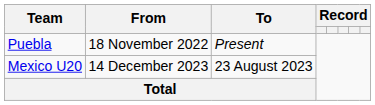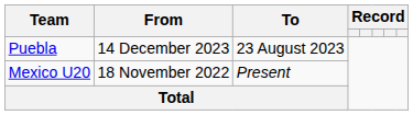 <table class="wikitable" style="text-align: center;">
 <tr>
 <th rowspan="2">Team</th>
 <th rowspan="2">From</th>
 <th rowspan="2">To</th>
 <th colspan="5">Record</th>
 </tr>
 <tr>
 <th></th>
 <th></th>
 <th></th>
 <th></th>
 <th></th>
 </tr>
 <tr>
 <td align="left"><a href='#'>Puebla</a></td>
-<td align="left">18 November 2022</td>
-<td align="left"><em>Present</em><br></td>
+<td align="left">14 December 2023</td>
+<td align="left">23 August 2023<br></td>
 </tr>
 <tr>
 <td align="left"><a href='#'>Mexico U20</a></td>
-<td align="left">14 December 2023</td>
-<td align="left">23 August 2023<br></td>
+<td align="left">18 November 2022</td>
+<td align="left"><em>Present</em><br></td>
 </tr>
 <tr>
 <th colspan="3">Total<br></th>
 </tr>
 </table>
